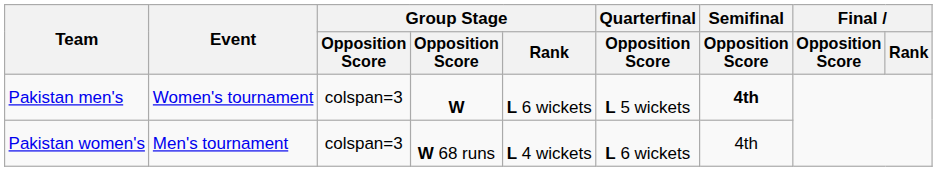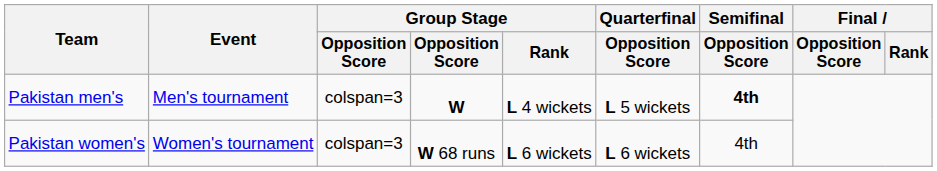 <table class=wikitable style=font-size:90%;text-align:center>
 <tr>
 <th rowspan=2>Team</th>
 <th rowspan=2>Event</th>
 <th colspan="3">Group Stage</th>
 <th>Quarterfinal</th>
 <th>Semifinal</th>
 <th colspan=2>Final / </th>
 </tr>
 <tr style=font-size:95%>
 <th>Opposition<br>Score</th>
 <th>Opposition<br>Score</th>
 <th>Rank</th>
 <th>Opposition<br>Score</th>
 <th>Opposition<br>Score</th>
 <th>Opposition<br>Score</th>
 <th>Rank</th>
 </tr>
 <tr>
 <td align=left><a href='#'>Pakistan men's</a></td>
-<td align=left><a href='#'>Women's tournament</a></td>
+<td align=left><a href='#'>Men's tournament</a></td>
 <td>colspan=3 </td>
 <td><br><strong>W</strong> </td>
-<td><br><strong>L</strong> 6 wickets</td>
+<td><br><strong>L</strong> 4 wickets</td>
 <td><br><strong>L</strong> 5 wickets</td>
 <td><strong>4th</strong></td>
 </tr>
 <tr>
 <td align=left><a href='#'>Pakistan women's</a></td>
-<td align=left><a href='#'>Men's tournament</a></td>
+<td align=left><a href='#'>Women's tournament</a></td>
 <td>colspan=3 </td>
 <td><br><strong>W</strong> 68 runs</td>
-<td><br><strong>L</strong> 4 wickets</td>
+<td><br><strong>L</strong> 6 wickets</td>
 <td><br><strong>L</strong> 6 wickets</td>
 <td>4th</td>
 </tr>
 </table>
